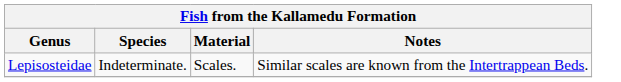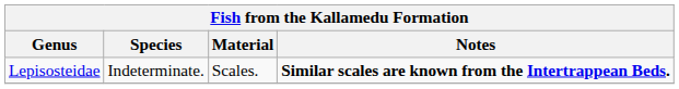 <table class="wikitable" align="center">
 <tr>
 <th colspan="7" align="center"><strong><a href='#'>Fish</a> from the Kallamedu Formation</strong></th>
 </tr>
 <tr>
 <th>Genus</th>
 <th>Species</th>
 <th>Material</th>
 <th>Notes</th>
 </tr>
 <tr>
 <td><a href='#'>Lepisosteidae</a></td>
 <td>Indeterminate.</td>
 <td>Scales.</td>
-<td>Similar scales are known from the <a href='#'>Intertrappean Beds</a>.</td>
+<td><strong>Similar scales are known from the <a href='#'>Intertrappean Beds</a>.</strong></td>
 </tr>
 <tr>
 </tr>
 </table>
